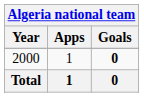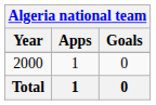 <table class="wikitable" style="text-align:center">
 <tr>
 <th colspan=3><a href='#'>Algeria national team</a></th>
 </tr>
 <tr>
 <th>Year</th>
 <th>Apps</th>
 <th>Goals</th>
 </tr>
 <tr>
 </tr>
 <tr>
 <td>2000</td>
 <td>1</td>
-<td><strong>0</strong></td>
+<td>0</td>
 </tr>
 <tr>
 <th>Total</th>
 <th>1</th>
 <th>0</th>
 </tr>
 </table>
